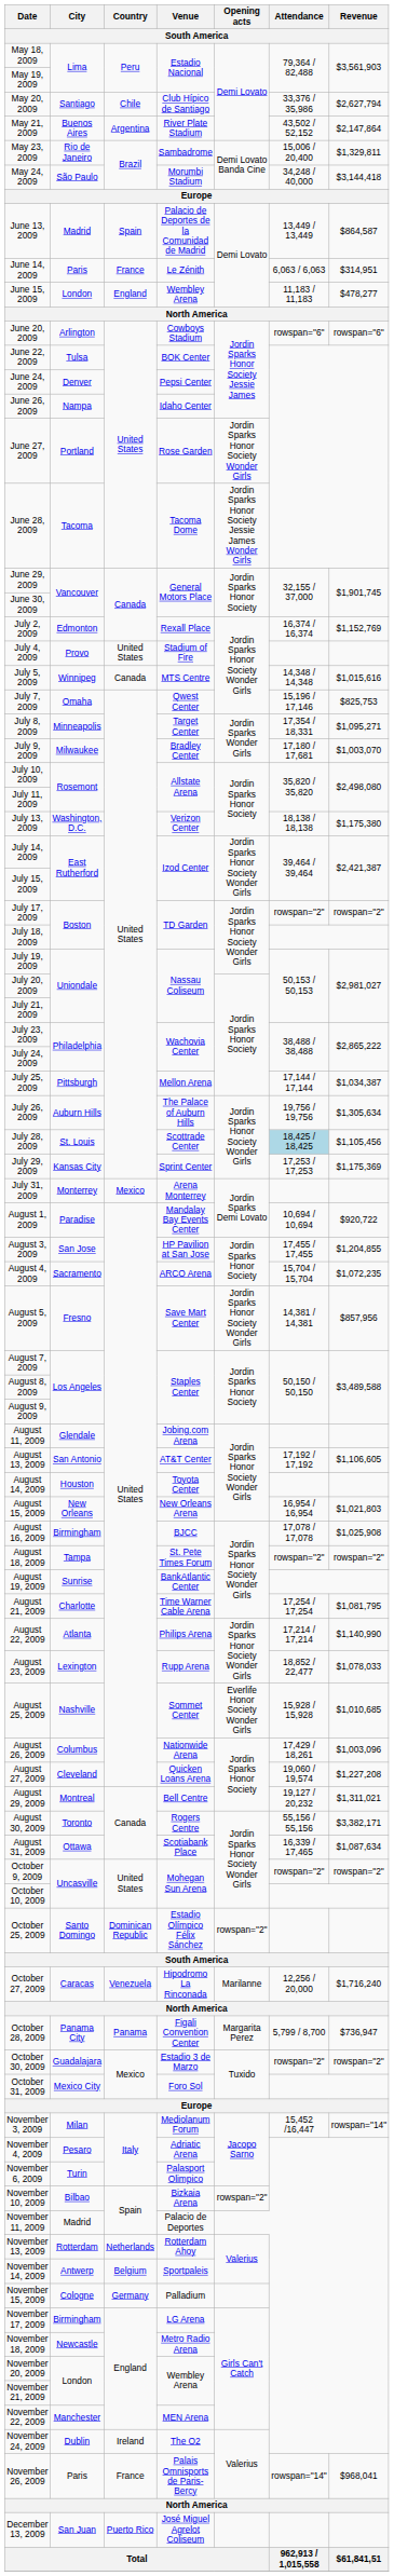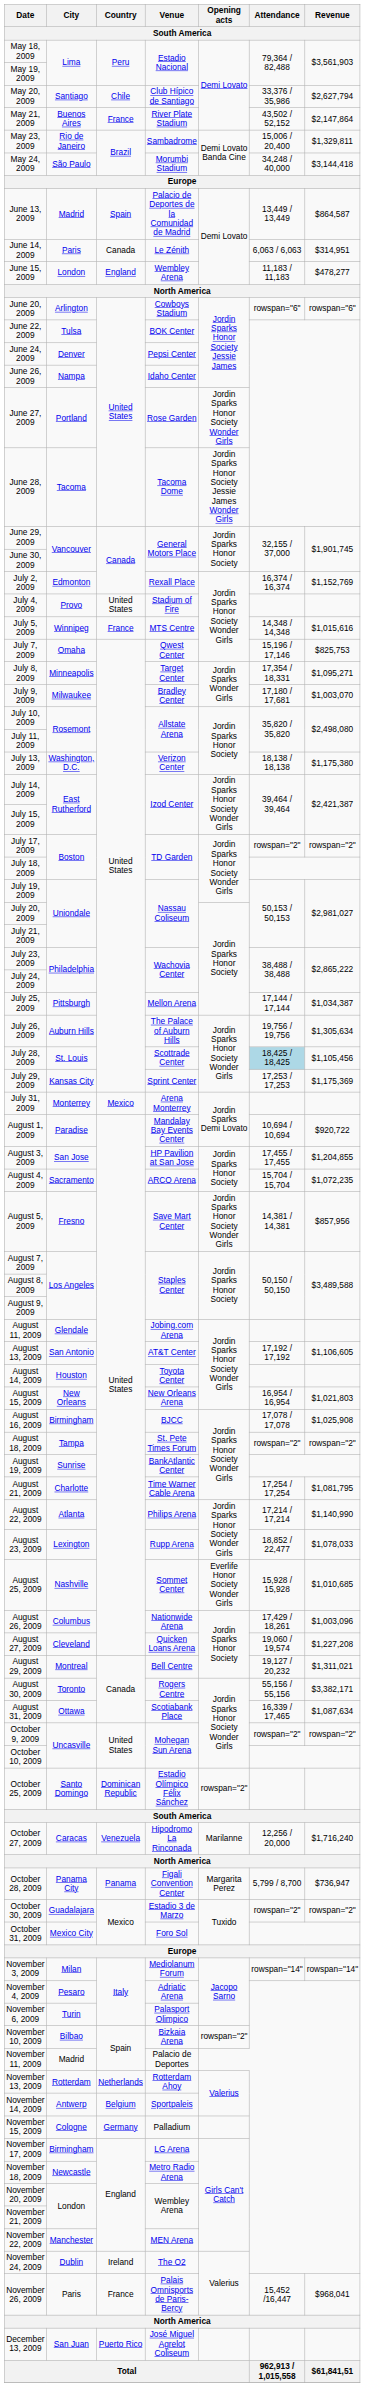 <table class="wikitable" style="text-align:center;">
 <tr>
 <th scope="col" style="width:12em;">Date</th>
 <th scope="col" style="width:10em;">City</th>
 <th scope="col" style="width:10em;">Country</th>
 <th scope="col" style="width:16em;">Venue</th>
 <th scope="col" style="width:10em;">Opening acts</th>
 <th scope="col" style="width:10em;">Attendance</th>
 <th scope="col" style="width:10em;">Revenue</th>
 </tr>
 <tr>
 <th colspan="7">South America</th>
 </tr>
 <tr>
 <td>May 18, 2009</td>
 <td rowspan="2"><a href='#'>Lima</a></td>
 <td rowspan="2"><a href='#'>Peru</a></td>
 <td rowspan="2"><a href='#'>Estadio Nacional</a></td>
 <td rowspan="4"><a href='#'>Demi Lovato</a></td>
 <td rowspan="2">79,364 / 82,488</td>
 <td rowspan="2">$3,561,903</td>
 </tr>
 <tr>
 <td>May 19, 2009</td>
 </tr>
 <tr>
 <td>May 20, 2009</td>
 <td><a href='#'>Santiago</a></td>
 <td><a href='#'>Chile</a></td>
 <td><a href='#'>Club Hípico de Santiago</a></td>
 <td>33,376 / 35,986</td>
 <td>$2,627,794</td>
 </tr>
 <tr>
 <td>May 21, 2009</td>
 <td><a href='#'>Buenos Aires</a></td>
-<td><a href='#'>Argentina</a></td>
+<td><a href='#'>France</a></td>
 <td><a href='#'>River Plate Stadium</a></td>
 <td>43,502 / 52,152</td>
 <td>$2,147,864</td>
 </tr>
 <tr>
 <td>May 23, 2009</td>
 <td><a href='#'>Rio de Janeiro</a></td>
 <td rowspan="2"><a href='#'>Brazil</a></td>
 <td><a href='#'>Sambadrome</a></td>
 <td rowspan="2">Demi Lovato <br> Banda Cine</td>
 <td>15,006 / 20,400</td>
 <td>$1,329,811</td>
 </tr>
 <tr>
 <td>May 24, 2009</td>
 <td><a href='#'>São Paulo</a></td>
 <td><a href='#'>Morumbi Stadium</a></td>
 <td>34,248 / 40,000</td>
 <td>$3,144,418</td>
 </tr>
 <tr>
 <th colspan="7">Europe</th>
 </tr>
 <tr>
 <td>June 13, 2009</td>
 <td><a href='#'>Madrid</a></td>
 <td><a href='#'>Spain</a></td>
 <td><a href='#'>Palacio de Deportes de la Comunidad de Madrid</a></td>
 <td rowspan="3">Demi Lovato</td>
 <td>13,449 / 13,449</td>
 <td>$864,587</td>
 </tr>
 <tr>
 <td>June 14, 2009</td>
 <td><a href='#'>Paris</a></td>
-<td><a href='#'>France</a></td>
+<td>Canada</td>
 <td><a href='#'>Le Zénith</a></td>
 <td>6,063 / 6,063</td>
 <td>$314,951</td>
 </tr>
 <tr>
 <td>June 15, 2009</td>
 <td><a href='#'>London</a></td>
 <td><a href='#'>England</a></td>
 <td><a href='#'>Wembley Arena</a></td>
 <td>11,183 / 11,183</td>
 <td>$478,277</td>
 </tr>
 <tr>
 <th colspan="7">North America</th>
 </tr>
 <tr>
 <td>June 20, 2009</td>
 <td><a href='#'>Arlington</a></td>
 <td rowspan="6"><a href='#'>United States</a></td>
 <td><a href='#'>Cowboys Stadium</a></td>
 <td rowspan="4"><a href='#'>Jordin Sparks</a> <br> <a href='#'>Honor Society</a> <br> <a href='#'>Jessie James</a></td>
 <td>rowspan="6" </td>
 <td>rowspan="6" </td>
 </tr>
 <tr>
 <td>June 22, 2009</td>
 <td><a href='#'>Tulsa</a></td>
 <td><a href='#'>BOK Center</a></td>
 </tr>
 <tr>
 <td>June 24, 2009</td>
 <td><a href='#'>Denver</a></td>
 <td><a href='#'>Pepsi Center</a></td>
 </tr>
 <tr>
 <td>June 26, 2009</td>
 <td><a href='#'>Nampa</a></td>
 <td><a href='#'>Idaho Center</a></td>
 </tr>
 <tr>
 <td>June 27, 2009</td>
 <td><a href='#'>Portland</a></td>
 <td><a href='#'>Rose Garden</a></td>
 <td>Jordin Sparks <br> Honor Society <br><a href='#'>Wonder Girls</a></td>
 </tr>
 <tr>
 <td>June 28, 2009</td>
 <td><a href='#'>Tacoma</a></td>
 <td><a href='#'>Tacoma Dome</a></td>
 <td>Jordin Sparks <br> Honor Society <br> Jessie James <br> <a href='#'>Wonder Girls</a></td>
 </tr>
 <tr>
 <td>June 29, 2009</td>
 <td rowspan="2"><a href='#'>Vancouver</a></td>
 <td rowspan="3"><a href='#'>Canada</a></td>
 <td rowspan="2"><a href='#'>General Motors Place</a></td>
 <td rowspan="2">Jordin Sparks <br> Honor Society</td>
 <td rowspan="2">32,155 / 37,000</td>
 <td rowspan="2">$1,901,745</td>
 </tr>
 <tr>
 <td>June 30, 2009</td>
 </tr>
 <tr>
 <td>July 2, 2009</td>
 <td><a href='#'>Edmonton</a></td>
 <td><a href='#'>Rexall Place</a></td>
 <td rowspan="4">Jordin Sparks <br> Honor Society <br> Wonder Girls</td>
 <td>16,374 / 16,374</td>
 <td>$1,152,769</td>
 </tr>
 <tr>
 <td>July 4, 2009</td>
 <td><a href='#'>Provo</a></td>
 <td>United States</td>
 <td><a href='#'>Stadium of Fire</a></td>
 <td></td>
 <td></td>
 </tr>
 <tr>
 <td>July 5, 2009</td>
 <td><a href='#'>Winnipeg</a></td>
-<td>Canada</td>
+<td><a href='#'>France</a></td>
 <td><a href='#'>MTS Centre</a></td>
 <td>14,348 / 14,348</td>
 <td>$1,015,616</td>
 </tr>
 <tr>
 <td>July 7, 2009</td>
 <td><a href='#'>Omaha</a></td>
 <td rowspan="19">United States</td>
 <td><a href='#'>Qwest Center</a></td>
 <td>15,196 / 17,146</td>
 <td>$825,753</td>
 </tr>
 <tr>
 <td>July 8, 2009</td>
 <td><a href='#'>Minneapolis</a></td>
 <td><a href='#'>Target Center</a></td>
 <td rowspan="2">Jordin Sparks <br> Wonder Girls</td>
 <td>17,354 / 18,331</td>
 <td>$1,095,271</td>
 </tr>
 <tr>
 <td>July 9, 2009</td>
 <td><a href='#'>Milwaukee</a></td>
 <td><a href='#'>Bradley Center</a></td>
 <td>17,180 / 17,681</td>
 <td>$1,003,070</td>
 </tr>
 <tr>
 <td>July 10, 2009</td>
 <td rowspan="2"><a href='#'>Rosemont</a></td>
 <td rowspan="2"><a href='#'>Allstate Arena</a></td>
 <td rowspan="3">Jordin Sparks <br> Honor Society</td>
 <td rowspan="2">35,820 / 35,820</td>
 <td rowspan="2">$2,498,080</td>
 </tr>
 <tr>
 <td>July 11, 2009</td>
 </tr>
 <tr>
 <td>July 13, 2009</td>
 <td><a href='#'>Washington, D.C.</a></td>
 <td><a href='#'>Verizon Center</a></td>
 <td>18,138 / 18,138</td>
 <td>$1,175,380</td>
 </tr>
 <tr>
 <td>July 14, 2009</td>
 <td rowspan="2"><a href='#'>East Rutherford</a></td>
 <td rowspan="2"><a href='#'>Izod Center</a></td>
 <td rowspan="2">Jordin Sparks <br> Honor Society  <br> Wonder Girls</td>
 <td rowspan="2">39,464 / 39,464</td>
 <td rowspan="2">$2,421,387</td>
 </tr>
 <tr>
 <td>July 15, 2009</td>
 </tr>
 <tr>
 <td>July 17, 2009</td>
 <td rowspan="2"><a href='#'>Boston</a></td>
 <td rowspan="2"><a href='#'>TD Garden</a></td>
 <td rowspan="3">Jordin Sparks <br> Honor Society  <br> Wonder Girls</td>
 <td>rowspan="2" </td>
 <td>rowspan="2" </td>
 </tr>
 <tr>
 <td>July 18, 2009</td>
 </tr>
 <tr>
 <td>July 19, 2009</td>
 <td rowspan="3"><a href='#'>Uniondale</a></td>
 <td rowspan="3"><a href='#'>Nassau Coliseum</a></td>
 <td rowspan="3">50,153 / 50,153</td>
 <td rowspan="3">$2,981,027</td>
 </tr>
 <tr>
 <td>July 20, 2009</td>
 <td rowspan="5">Jordin Sparks <br> Honor Society</td>
 </tr>
 <tr>
 <td>July 21, 2009</td>
 </tr>
 <tr>
 <td>July 23, 2009</td>
 <td rowspan="2"><a href='#'>Philadelphia</a></td>
 <td rowspan="2"><a href='#'>Wachovia Center</a></td>
 <td rowspan="2">38,488 / 38,488</td>
 <td rowspan="2">$2,865,222</td>
 </tr>
 <tr>
 <td>July 24, 2009</td>
 </tr>
 <tr>
 <td>July 25, 2009</td>
 <td><a href='#'>Pittsburgh</a></td>
 <td><a href='#'>Mellon Arena</a></td>
 <td>17,144 / 17,144</td>
 <td>$1,034,387</td>
 </tr>
 <tr>
 <td>July 26, 2009</td>
 <td><a href='#'>Auburn Hills</a></td>
 <td><a href='#'>The Palace of Auburn Hills</a></td>
 <td rowspan="3">Jordin Sparks<br>Honor Society<br>Wonder Girls</td>
 <td>19,756 / 19,756</td>
 <td>$1,305,634</td>
 </tr>
 <tr>
 <td>July 28, 2009</td>
 <td><a href='#'>St. Louis</a></td>
 <td><a href='#'>Scottrade Center</a></td>
 <td style="background: lightblue;">18,425 / 18,425</td>
 <td>$1,105,456</td>
 </tr>
 <tr>
 <td>July 29, 2009</td>
 <td><a href='#'>Kansas City</a></td>
 <td><a href='#'>Sprint Center</a></td>
 <td>17,253 / 17,253</td>
 <td>$1,175,369</td>
 </tr>
 <tr>
 <td>July 31, 2009</td>
 <td><a href='#'>Monterrey</a></td>
 <td><a href='#'>Mexico</a></td>
 <td><a href='#'>Arena Monterrey</a></td>
 <td rowspan="2">Jordin Sparks <br> Demi Lovato</td>
 <td></td>
 <td></td>
 </tr>
 <tr>
 <td>August 1, 2009</td>
 <td><a href='#'>Paradise</a></td>
 <td rowspan="20">United States</td>
 <td><a href='#'>Mandalay Bay Events Center</a></td>
 <td>10,694 / 10,694</td>
 <td>$920,722</td>
 </tr>
 <tr>
 <td>August 3, 2009</td>
 <td><a href='#'>San Jose</a></td>
 <td><a href='#'>HP Pavilion at San Jose</a></td>
 <td rowspan="2">Jordin Sparks <br> Honor Society</td>
 <td>17,455 / 17,455</td>
 <td>$1,204,855</td>
 </tr>
 <tr>
 <td>August 4, 2009</td>
 <td><a href='#'>Sacramento</a></td>
 <td><a href='#'>ARCO Arena</a></td>
 <td>15,704 / 15,704</td>
 <td>$1,072,235</td>
 </tr>
 <tr>
 <td>August 5, 2009</td>
 <td><a href='#'>Fresno</a></td>
 <td><a href='#'>Save Mart Center</a></td>
 <td>Jordin Sparks <br> Honor Society <br> Wonder Girls</td>
 <td>14,381 / 14,381</td>
 <td>$857,956</td>
 </tr>
 <tr>
 <td>August 7, 2009</td>
 <td rowspan="3"><a href='#'>Los Angeles</a></td>
 <td rowspan="3"><a href='#'>Staples Center</a></td>
 <td rowspan="3">Jordin Sparks <br> Honor Society</td>
 <td rowspan="3">50,150 / 50,150</td>
 <td rowspan="3">$3,489,588</td>
 </tr>
 <tr>
 <td>August 8, 2009</td>
 </tr>
 <tr>
 <td>August 9, 2009</td>
 </tr>
 <tr>
 <td>August 11, 2009</td>
 <td><a href='#'>Glendale</a></td>
 <td><a href='#'>Jobing.com Arena</a></td>
 <td rowspan="4">Jordin Sparks <br> Honor Society <br> Wonder Girls</td>
 <td></td>
 <td></td>
 </tr>
 <tr>
 <td>August 13, 2009</td>
 <td><a href='#'>San Antonio</a></td>
 <td><a href='#'>AT&T Center</a></td>
 <td>17,192 / 17,192</td>
 <td>$1,106,605</td>
 </tr>
 <tr>
 <td>August 14, 2009</td>
 <td><a href='#'>Houston</a></td>
 <td><a href='#'>Toyota Center</a></td>
 <td></td>
 <td></td>
 </tr>
 <tr>
 <td>August 15, 2009</td>
 <td><a href='#'>New Orleans</a></td>
 <td><a href='#'>New Orleans Arena</a></td>
 <td>16,954 / 16,954</td>
 <td>$1,021,803</td>
 </tr>
 <tr>
 <td>August 16, 2009</td>
 <td><a href='#'>Birmingham</a></td>
 <td><a href='#'>BJCC</a></td>
 <td rowspan="4">Jordin Sparks <br> Honor Society <br> Wonder Girls</td>
 <td>17,078 / 17,078</td>
 <td>$1,025,908</td>
 </tr>
 <tr>
 <td>August 18, 2009</td>
 <td><a href='#'>Tampa</a></td>
 <td><a href='#'>St. Pete Times Forum</a></td>
 <td>rowspan="2" </td>
 <td>rowspan="2" </td>
 </tr>
 <tr>
 <td>August 19, 2009</td>
 <td><a href='#'>Sunrise</a></td>
 <td><a href='#'>BankAtlantic Center</a></td>
 </tr>
 <tr>
 <td>August 21, 2009</td>
 <td><a href='#'>Charlotte</a></td>
 <td><a href='#'>Time Warner Cable Arena</a></td>
 <td>17,254 / 17,254</td>
 <td>$1,081,795</td>
 </tr>
 <tr>
 <td>August 22, 2009</td>
 <td><a href='#'>Atlanta</a></td>
 <td><a href='#'>Philips Arena</a></td>
 <td rowspan="2">Jordin Sparks <br> Honor Society <br> Wonder Girls</td>
 <td>17,214 / 17,214</td>
 <td>$1,140,990</td>
 </tr>
 <tr>
 <td>August 23, 2009</td>
 <td><a href='#'>Lexington</a></td>
 <td><a href='#'>Rupp Arena</a></td>
 <td>18,852 / 22,477</td>
 <td>$1,078,033</td>
 </tr>
 <tr>
 <td>August 25, 2009</td>
 <td><a href='#'>Nashville</a></td>
 <td><a href='#'>Sommet Center</a></td>
 <td>Everlife <br> Honor Society<br>Wonder Girls</td>
 <td>15,928 / 15,928</td>
 <td>$1,010,685</td>
 </tr>
 <tr>
 <td>August 26, 2009</td>
 <td><a href='#'>Columbus</a></td>
 <td><a href='#'>Nationwide Arena</a></td>
 <td rowspan="3">Jordin Sparks <br> Honor Society</td>
 <td>17,429 / 18,261</td>
 <td>$1,003,096</td>
 </tr>
 <tr>
 <td>August 27, 2009</td>
 <td><a href='#'>Cleveland</a></td>
 <td><a href='#'>Quicken Loans Arena</a></td>
 <td>19,060 / 19,574</td>
 <td>$1,227,208</td>
 </tr>
 <tr>
 <td>August 29, 2009</td>
 <td><a href='#'>Montreal</a></td>
 <td rowspan="3">Canada</td>
 <td><a href='#'>Bell Centre</a></td>
 <td>19,127 / 20,232</td>
 <td>$1,311,021</td>
 </tr>
 <tr>
 <td>August 30, 2009</td>
 <td><a href='#'>Toronto</a></td>
 <td><a href='#'>Rogers Centre</a></td>
 <td rowspan="4">Jordin Sparks <br> Honor Society <br> Wonder Girls</td>
 <td>55,156 / 55,156</td>
 <td>$3,382,171</td>
 </tr>
 <tr>
 <td>August 31, 2009</td>
 <td><a href='#'>Ottawa</a></td>
 <td><a href='#'>Scotiabank Place</a></td>
 <td>16,339 / 17,465</td>
 <td>$1,087,634</td>
 </tr>
 <tr>
 <td>October 9, 2009</td>
 <td rowspan="2"><a href='#'>Uncasville</a></td>
 <td rowspan="2">United States</td>
 <td rowspan="2"><a href='#'>Mohegan Sun Arena</a></td>
 <td>rowspan="2" </td>
 <td>rowspan="2" </td>
 </tr>
 <tr>
 <td>October 10, 2009</td>
 </tr>
 <tr>
 <td>October 25, 2009</td>
 <td><a href='#'>Santo Domingo</a></td>
 <td><a href='#'>Dominican Republic</a></td>
 <td><a href='#'>Estadio Olímpico Félix Sánchez</a></td>
 <td>rowspan="2" </td>
 <td></td>
 <td></td>
 </tr>
 <tr>
 <th colspan="7">South America</th>
 </tr>
 <tr>
 <td>October 27, 2009</td>
 <td><a href='#'>Caracas</a></td>
 <td><a href='#'>Venezuela</a></td>
 <td><a href='#'>Hipodromo La Rinconada</a></td>
 <td>Marilanne</td>
 <td>12,256 / 20,000</td>
 <td>$1,716,240</td>
 </tr>
 <tr>
 <th colspan="7">North America</th>
 </tr>
 <tr>
 <td>October 28, 2009</td>
 <td><a href='#'>Panama City</a></td>
 <td><a href='#'>Panama</a></td>
 <td><a href='#'>Figali Convention Center</a></td>
 <td>Margarita Perez</td>
 <td>5,799 / 8,700</td>
 <td>$736,947</td>
 </tr>
 <tr>
 <td>October 30, 2009</td>
 <td><a href='#'>Guadalajara</a></td>
 <td rowspan="2">Mexico</td>
 <td><a href='#'>Estadio 3 de Marzo</a></td>
 <td rowspan="2">Tuxido</td>
 <td>rowspan="2" </td>
 <td>rowspan="2" </td>
 </tr>
 <tr>
 <td>October 31, 2009</td>
 <td><a href='#'>Mexico City</a></td>
 <td><a href='#'>Foro Sol</a></td>
 </tr>
 <tr>
 <th colspan="7">Europe</th>
 </tr>
 <tr>
 <td>November 3, 2009</td>
 <td><a href='#'>Milan</a></td>
 <td rowspan="3"><a href='#'>Italy</a></td>
 <td><a href='#'>Mediolanum Forum</a></td>
 <td rowspan="3"><a href='#'>Jacopo Sarno</a></td>
-<td>15,452 /16,447</td>
+<td>rowspan="14" </td>
 <td>rowspan="14" </td>
 </tr>
 <tr>
 <td>November 4, 2009</td>
 <td><a href='#'>Pesaro</a></td>
 <td><a href='#'>Adriatic Arena</a></td>
 </tr>
 <tr>
 <td>November 6, 2009</td>
 <td><a href='#'>Turin</a></td>
 <td><a href='#'>Palasport Olimpico</a></td>
 </tr>
 <tr>
 <td>November 10, 2009</td>
 <td><a href='#'>Bilbao</a></td>
 <td rowspan="2">Spain</td>
 <td><a href='#'>Bizkaia Arena</a></td>
 <td>rowspan="2" </td>
 </tr>
 <tr>
 <td>November 11, 2009</td>
 <td>Madrid</td>
 <td>Palacio de Deportes</td>
 </tr>
 <tr>
 <td>November 13, 2009</td>
 <td><a href='#'>Rotterdam</a></td>
 <td><a href='#'>Netherlands</a></td>
 <td><a href='#'>Rotterdam Ahoy</a></td>
 <td rowspan="2"><a href='#'>Valerius</a></td>
 </tr>
 <tr>
 <td>November 14, 2009</td>
 <td><a href='#'>Antwerp</a></td>
 <td><a href='#'>Belgium</a></td>
 <td><a href='#'>Sportpaleis</a></td>
 </tr>
 <tr>
 <td>November 15, 2009</td>
 <td><a href='#'>Cologne</a></td>
 <td><a href='#'>Germany</a></td>
 <td>Palladium</td>
 <td></td>
 </tr>
 <tr>
 <td>November 17, 2009</td>
 <td><a href='#'>Birmingham</a></td>
 <td rowspan="5">England</td>
 <td><a href='#'>LG Arena</a></td>
 <td rowspan="5"><a href='#'>Girls Can't Catch</a></td>
 </tr>
 <tr>
 <td>November 18, 2009</td>
 <td><a href='#'>Newcastle</a></td>
 <td><a href='#'>Metro Radio Arena</a></td>
 </tr>
 <tr>
 <td>November 20, 2009</td>
 <td rowspan="2">London</td>
 <td rowspan="2">Wembley Arena</td>
 </tr>
 <tr>
 <td>November 21, 2009</td>
 </tr>
 <tr>
 <td>November 22, 2009</td>
 <td><a href='#'>Manchester</a></td>
 <td><a href='#'>MEN Arena</a></td>
 </tr>
 <tr>
 <td>November 24, 2009</td>
 <td><a href='#'>Dublin</a></td>
 <td>Ireland</td>
 <td><a href='#'>The O2</a></td>
 <td rowspan="2">Valerius</td>
 </tr>
 <tr>
 <td>November 26, 2009</td>
 <td>Paris</td>
 <td>France</td>
 <td><a href='#'>Palais Omnisports de Paris-Bercy</a></td>
-<td>rowspan="14" </td>
+<td>15,452 /16,447</td>
 <td>$968,041</td>
 </tr>
 <tr>
 <th colspan="7">North America</th>
 </tr>
 <tr>
 <td>December 13, 2009</td>
 <td><a href='#'>San Juan</a></td>
 <td><a href='#'>Puerto Rico</a></td>
 <td><a href='#'>José Miguel Agrelot Coliseum</a></td>
 <td></td>
 <td></td>
 <td></td>
 </tr>
 <tr>
 <th colspan="5"><strong>Total</strong></th>
 <th>962,913 / 1,015,558</th>
 <th>$61,841,51</th>
 </tr>
 <tr>
 </tr>
 </table>
